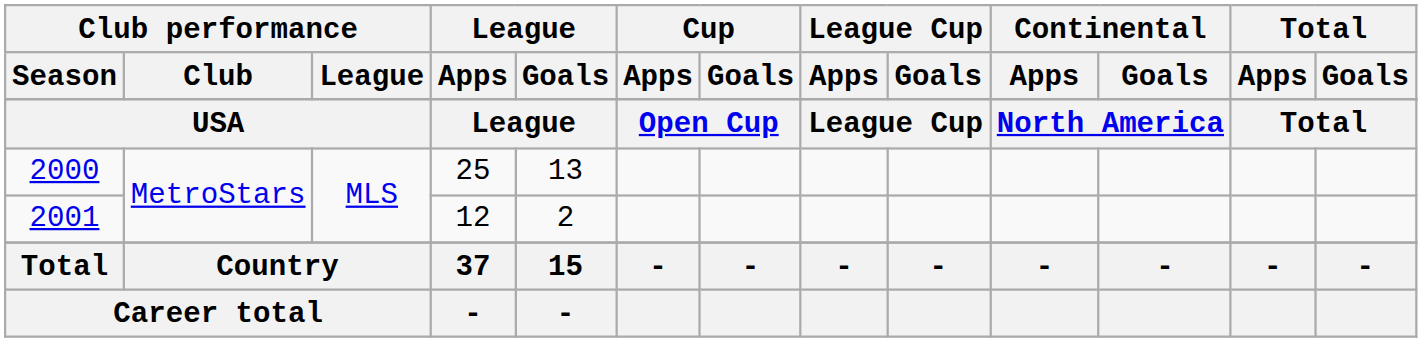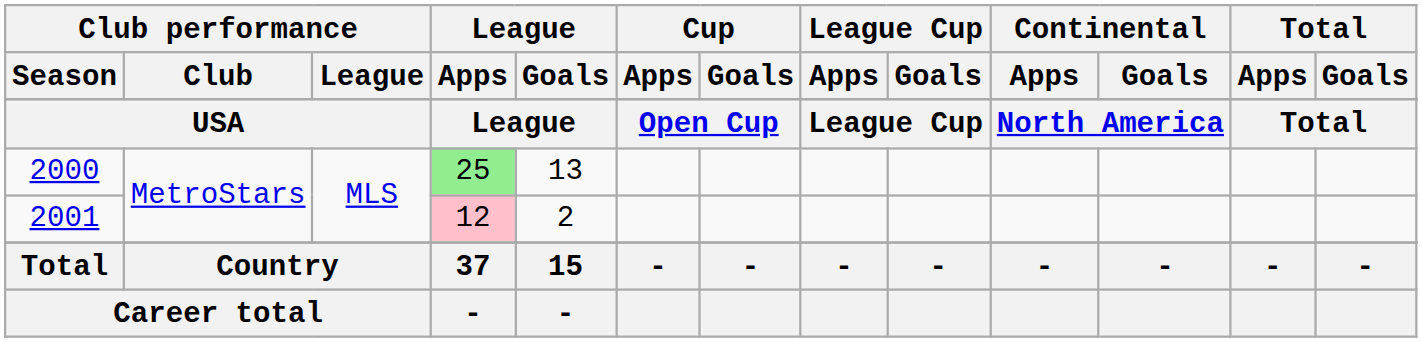 <table class="wikitable" style="text-align:center">
 <tr>
 <th colspan=3>Club performance</th>
 <th colspan=2>League</th>
 <th colspan=2>Cup</th>
 <th colspan=2>League Cup</th>
 <th colspan=2>Continental</th>
 <th colspan=2>Total</th>
 </tr>
 <tr>
 <th>Season</th>
 <th>Club</th>
 <th>League</th>
 <th>Apps</th>
 <th>Goals</th>
 <th>Apps</th>
 <th>Goals</th>
 <th>Apps</th>
 <th>Goals</th>
 <th>Apps</th>
 <th>Goals</th>
 <th>Apps</th>
 <th>Goals</th>
 </tr>
 <tr>
 </tr>
 <tr>
 <th colspan=3>USA</th>
 <th colspan=2>League</th>
 <th colspan=2><a href='#'>Open Cup</a></th>
 <th colspan=2>League Cup</th>
 <th colspan=2><a href='#'>North America</a></th>
 <th colspan=2>Total</th>
 </tr>
 <tr>
 <td><a href='#'>2000</a></td>
 <td rowspan="2"><a href='#'>MetroStars</a></td>
 <td rowspan="2"><a href='#'>MLS</a></td>
-<td>25</td>
+<td style="background: lightgreen;">25</td>
 <td>13</td>
 <td></td>
 <td></td>
 <td></td>
 <td></td>
 <td></td>
 <td></td>
 <td></td>
 <td></td>
 </tr>
 <tr>
 <td><a href='#'>2001</a></td>
-<td>12</td>
+<td style="background: pink;">12</td>
 <td>2</td>
 <td></td>
 <td></td>
 <td></td>
 <td></td>
 <td></td>
 <td></td>
 <td></td>
 <td></td>
 </tr>
 <tr>
 </tr>
 <tr>
 <th rowspan=USA>Total</th>
 <th colspan=2>Country</th>
 <th>37</th>
 <th>15</th>
 <th>-</th>
 <th>-</th>
 <th>-</th>
 <th>-</th>
 <th>-</th>
 <th>-</th>
 <th>-</th>
 <th>-</th>
 </tr>
 <tr>
 <th colspan=3>Career total</th>
 <th>-</th>
 <th>-</th>
 <th></th>
 <th></th>
 <th></th>
 <th></th>
 <th></th>
 <th></th>
 <th></th>
 <th></th>
 </tr>
 </table>
